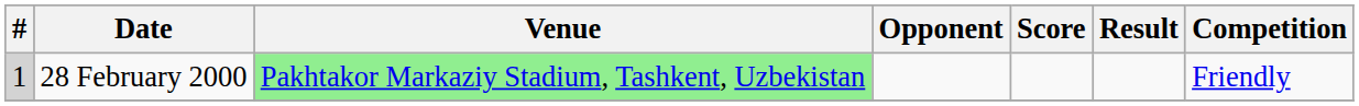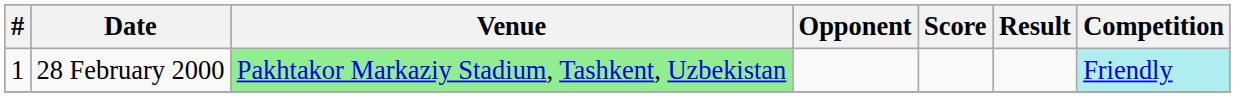 <table class="wikitable" style="font-size:95%">
 <tr>
 <th>#</th>
 <th>Date</th>
 <th>Venue</th>
 <th>Opponent</th>
 <th>Score</th>
 <th>Result</th>
 <th>Competition</th>
 </tr>
 <tr>
-<td style="background: lightgrey;">1</td>
+<td>1</td>
 <td>28 February 2000</td>
 <td style="background: lightgreen;"><a href='#'>Pakhtakor Markaziy Stadium</a>, <a href='#'>Tashkent</a>, <a href='#'>Uzbekistan</a></td>
 <td></td>
 <td></td>
 <td></td>
-<td><a href='#'>Friendly</a></td>
+<td style="background: paleturquoise;"><a href='#'>Friendly</a></td>
 </tr>
 <tr>
 </tr>
 </table>
